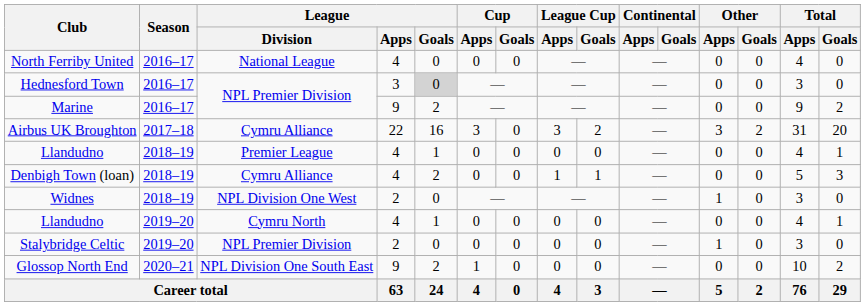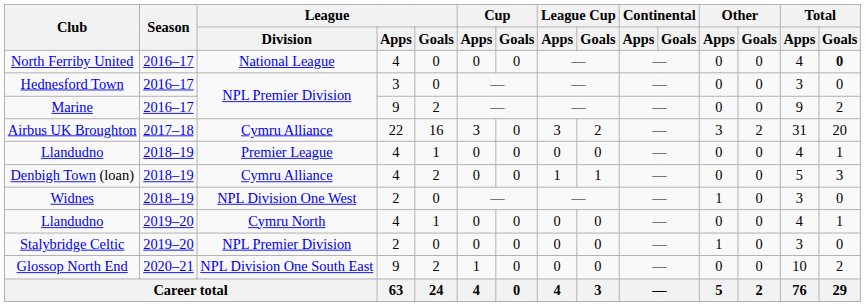 <table class="wikitable" style="text-align:center">
 <tr>
 <th rowspan="2">Club</th>
 <th rowspan="2">Season</th>
 <th colspan="3">League</th>
 <th colspan="2">Cup</th>
 <th colspan="2">League Cup</th>
 <th colspan="2">Continental</th>
 <th colspan="2">Other</th>
 <th colspan="2">Total</th>
 </tr>
 <tr>
 <th>Division</th>
 <th>Apps</th>
 <th>Goals</th>
 <th>Apps</th>
 <th>Goals</th>
 <th>Apps</th>
 <th>Goals</th>
 <th>Apps</th>
 <th>Goals</th>
 <th>Apps</th>
 <th>Goals</th>
 <th>Apps</th>
 <th>Goals</th>
 </tr>
 <tr>
 <td rowspan="1"><a href='#'>North Ferriby United</a></td>
 <td><a href='#'>2016–17</a></td>
 <td rowspan="1"><a href='#'>National League</a></td>
 <td>4</td>
 <td>0</td>
 <td>0</td>
 <td>0</td>
 <td colspan="2">—</td>
 <td colspan="2">—</td>
 <td>0</td>
 <td>0</td>
 <td>4</td>
-<td>0</td>
+<td><strong>0</strong></td>
 </tr>
 <tr>
 <td rowspan="1"><a href='#'>Hednesford Town</a></td>
 <td><a href='#'>2016–17</a></td>
 <td rowspan="2"><a href='#'>NPL Premier Division</a></td>
 <td>3</td>
-<td style="background: lightgrey;">0</td>
+<td>0</td>
 <td colspan="2">—</td>
 <td colspan="2">—</td>
 <td colspan="2">—</td>
 <td>0</td>
 <td>0</td>
 <td>3</td>
 <td>0</td>
 </tr>
 <tr>
 <td rowspan="1"><a href='#'>Marine</a></td>
 <td><a href='#'>2016–17</a></td>
 <td>9</td>
 <td>2</td>
 <td colspan="2">—</td>
 <td colspan="2">—</td>
 <td colspan="2">—</td>
 <td>0</td>
 <td>0</td>
 <td>9</td>
 <td>2</td>
 </tr>
 <tr>
 <td rowspan="1"><a href='#'>Airbus UK Broughton</a></td>
 <td><a href='#'>2017–18</a></td>
 <td rowspan="1"><a href='#'>Cymru Alliance</a></td>
 <td>22</td>
 <td>16</td>
 <td>3</td>
 <td>0</td>
 <td>3</td>
 <td>2</td>
 <td colspan="2">—</td>
 <td>3</td>
 <td>2</td>
 <td>31</td>
 <td>20</td>
 </tr>
 <tr>
 <td rowspan="1"><a href='#'>Llandudno</a></td>
 <td><a href='#'>2018–19</a></td>
 <td rowspan="1"><a href='#'>Premier League</a></td>
 <td>4</td>
 <td>1</td>
 <td>0</td>
 <td>0</td>
 <td>0</td>
 <td>0</td>
 <td colspan="2">—</td>
 <td>0</td>
 <td>0</td>
 <td>4</td>
 <td>1</td>
 </tr>
 <tr>
 <td rowspan="1"><a href='#'>Denbigh Town</a> (loan)</td>
 <td><a href='#'>2018–19</a></td>
 <td rowspan="1"><a href='#'>Cymru Alliance</a></td>
 <td>4</td>
 <td>2</td>
 <td>0</td>
 <td>0</td>
 <td>1</td>
 <td>1</td>
 <td colspan="2">—</td>
 <td>0</td>
 <td>0</td>
 <td>5</td>
 <td>3</td>
 </tr>
 <tr>
 <td rowspan="1"><a href='#'>Widnes</a></td>
 <td><a href='#'>2018–19</a></td>
 <td rowspan="1"><a href='#'>NPL Division One West</a></td>
 <td>2</td>
 <td>0</td>
 <td colspan="2">—</td>
 <td colspan="2">—</td>
 <td colspan="2">—</td>
 <td>1</td>
 <td>0</td>
 <td>3</td>
 <td>0</td>
 </tr>
 <tr>
 <td rowspan="1"><a href='#'>Llandudno</a></td>
 <td><a href='#'>2019–20</a></td>
 <td rowspan="1"><a href='#'>Cymru North</a></td>
 <td>4</td>
 <td>1</td>
 <td>0</td>
 <td>0</td>
 <td>0</td>
 <td>0</td>
 <td colspan="2">—</td>
 <td>0</td>
 <td>0</td>
 <td>4</td>
 <td>1</td>
 </tr>
 <tr>
 <td rowspan="1"><a href='#'>Stalybridge Celtic</a></td>
 <td><a href='#'>2019–20</a></td>
 <td rowspan="1"><a href='#'>NPL Premier Division</a></td>
 <td>2</td>
 <td>0</td>
 <td>0</td>
 <td>0</td>
 <td>0</td>
 <td>0</td>
 <td colspan="2">—</td>
 <td>1</td>
 <td>0</td>
 <td>3</td>
 <td>0</td>
 </tr>
 <tr>
 <td rowspan="1"><a href='#'>Glossop North End</a></td>
 <td><a href='#'>2020–21</a></td>
 <td rowspan="1"><a href='#'>NPL Division One South East</a></td>
 <td>9</td>
 <td>2</td>
 <td>1</td>
 <td>0</td>
 <td>0</td>
 <td>0</td>
 <td colspan="2">—</td>
 <td>0</td>
 <td>0</td>
 <td>10</td>
 <td>2</td>
 </tr>
 <tr>
 <th colspan="3">Career total</th>
 <th>63</th>
 <th>24</th>
 <th>4</th>
 <th>0</th>
 <th>4</th>
 <th>3</th>
 <th colspan="2">—</th>
 <th>5</th>
 <th>2</th>
 <th>76</th>
 <th>29</th>
 </tr>
 </table>
